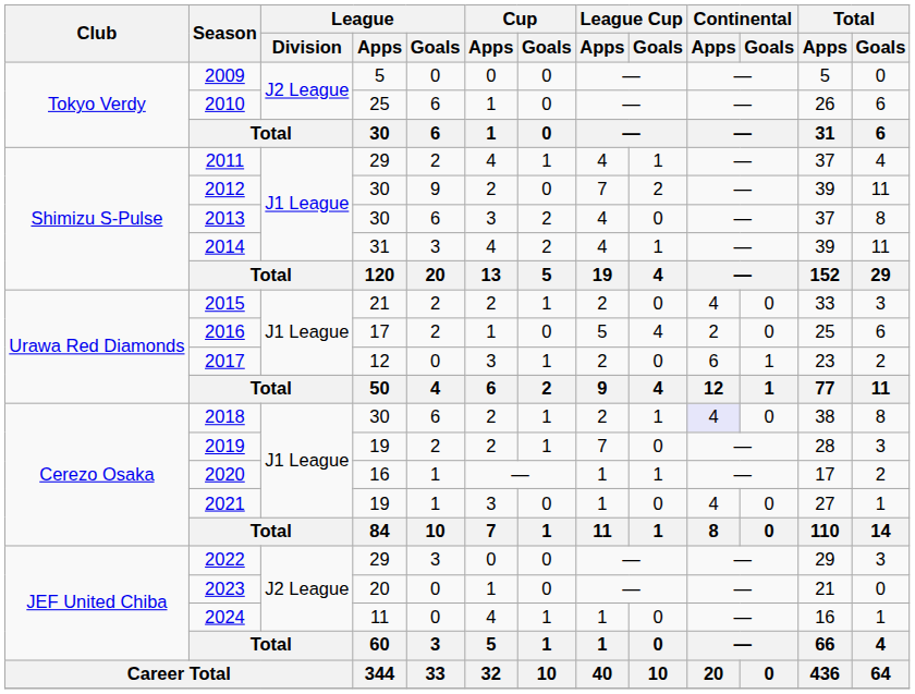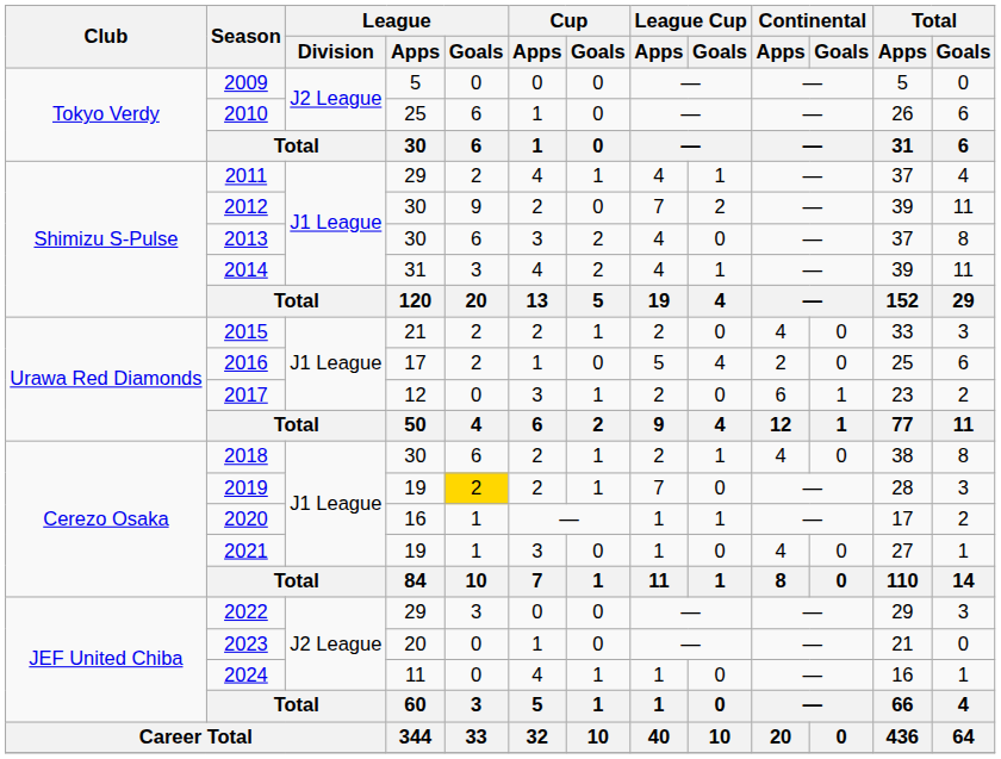 <table class="wikitable" style="text-align:center;">
 <tr>
 <th rowspan="2">Club</th>
 <th rowspan="2">Season</th>
 <th colspan="3">League</th>
 <th colspan="2">Cup</th>
 <th colspan="2">League Cup</th>
 <th colspan="2">Continental</th>
 <th colspan="2">Total</th>
 </tr>
 <tr>
 <th>Division</th>
 <th>Apps</th>
 <th>Goals</th>
 <th>Apps</th>
 <th>Goals</th>
 <th>Apps</th>
 <th>Goals</th>
 <th>Apps</th>
 <th>Goals</th>
 <th>Apps</th>
 <th>Goals</th>
 </tr>
 <tr>
 <td rowspan="3"><a href='#'>Tokyo Verdy</a></td>
 <td><a href='#'>2009</a></td>
 <td rowspan="2"><a href='#'>J2 League</a></td>
 <td>5</td>
 <td>0</td>
 <td>0</td>
 <td>0</td>
 <td colspan="2">—</td>
 <td colspan="2">—</td>
 <td>5</td>
 <td>0</td>
 </tr>
 <tr>
 <td><a href='#'>2010</a></td>
 <td>25</td>
 <td>6</td>
 <td>1</td>
 <td>0</td>
 <td colspan="2">—</td>
 <td colspan="2">—</td>
 <td>26</td>
 <td>6</td>
 </tr>
 <tr>
 <th colspan="2">Total</th>
 <th>30</th>
 <th>6</th>
 <th>1</th>
 <th>0</th>
 <th colspan="2">—</th>
 <th colspan="2">—</th>
 <th>31</th>
 <th>6</th>
 </tr>
 <tr>
 <td rowspan="5"><a href='#'>Shimizu S-Pulse</a></td>
 <td><a href='#'>2011</a></td>
 <td rowspan="4"><a href='#'>J1 League</a></td>
 <td>29</td>
 <td>2</td>
 <td>4</td>
 <td>1</td>
 <td>4</td>
 <td>1</td>
 <td colspan="2">—</td>
 <td>37</td>
 <td>4</td>
 </tr>
 <tr>
 <td><a href='#'>2012</a></td>
 <td>30</td>
 <td>9</td>
 <td>2</td>
 <td>0</td>
 <td>7</td>
 <td>2</td>
 <td colspan="2">—</td>
 <td>39</td>
 <td>11</td>
 </tr>
 <tr>
 <td><a href='#'>2013</a></td>
 <td>30</td>
 <td>6</td>
 <td>3</td>
 <td>2</td>
 <td>4</td>
 <td>0</td>
 <td colspan="2">—</td>
 <td>37</td>
 <td>8</td>
 </tr>
 <tr>
 <td><a href='#'>2014</a></td>
 <td>31</td>
 <td>3</td>
 <td>4</td>
 <td>2</td>
 <td>4</td>
 <td>1</td>
 <td colspan="2">—</td>
 <td>39</td>
 <td>11</td>
 </tr>
 <tr>
 <th colspan="2">Total</th>
 <th>120</th>
 <th>20</th>
 <th>13</th>
 <th>5</th>
 <th>19</th>
 <th>4</th>
 <th colspan="2">—</th>
 <th>152</th>
 <th>29</th>
 </tr>
 <tr>
 <td rowspan="4"><a href='#'>Urawa Red Diamonds</a></td>
 <td><a href='#'>2015</a></td>
 <td rowspan="3">J1 League</td>
 <td>21</td>
 <td>2</td>
 <td>2</td>
 <td>1</td>
 <td>2</td>
 <td>0</td>
 <td>4</td>
 <td>0</td>
 <td>33</td>
 <td>3</td>
 </tr>
 <tr>
 <td><a href='#'>2016</a></td>
 <td>17</td>
 <td>2</td>
 <td>1</td>
 <td>0</td>
 <td>5</td>
 <td>4</td>
 <td>2</td>
 <td>0</td>
 <td>25</td>
 <td>6</td>
 </tr>
 <tr>
 <td><a href='#'>2017</a></td>
 <td>12</td>
 <td>0</td>
 <td>3</td>
 <td>1</td>
 <td>2</td>
 <td>0</td>
 <td>6</td>
 <td>1</td>
 <td>23</td>
 <td>2</td>
 </tr>
 <tr>
 <th colspan="2">Total</th>
 <th>50</th>
 <th>4</th>
 <th>6</th>
 <th>2</th>
 <th>9</th>
 <th>4</th>
 <th>12</th>
 <th>1</th>
 <th>77</th>
 <th>11</th>
 </tr>
 <tr>
 <td rowspan="5"><a href='#'>Cerezo Osaka</a></td>
 <td><a href='#'>2018</a></td>
 <td rowspan="4">J1 League</td>
 <td>30</td>
 <td>6</td>
 <td>2</td>
 <td>1</td>
 <td>2</td>
 <td>1</td>
-<td style="background: lavender;">4</td>
+<td>4</td>
 <td>0</td>
 <td>38</td>
 <td>8</td>
 </tr>
 <tr>
 <td><a href='#'>2019</a></td>
 <td>19</td>
-<td>2</td>
+<td style="background: gold;">2</td>
 <td>2</td>
 <td>1</td>
 <td>7</td>
 <td>0</td>
 <td colspan="2">—</td>
 <td>28</td>
 <td>3</td>
 </tr>
 <tr>
 <td><a href='#'>2020</a></td>
 <td>16</td>
 <td>1</td>
 <td colspan="2">—</td>
 <td>1</td>
 <td>1</td>
 <td colspan="2">—</td>
 <td>17</td>
 <td>2</td>
 </tr>
 <tr>
 <td><a href='#'>2021</a></td>
 <td>19</td>
 <td>1</td>
 <td>3</td>
 <td>0</td>
 <td>1</td>
 <td>0</td>
 <td>4</td>
 <td>0</td>
 <td>27</td>
 <td>1</td>
 </tr>
 <tr>
 <th colspan="2">Total</th>
 <th>84</th>
 <th>10</th>
 <th>7</th>
 <th>1</th>
 <th>11</th>
 <th>1</th>
 <th>8</th>
 <th>0</th>
 <th>110</th>
 <th>14</th>
 </tr>
 <tr>
 <td rowspan="4"><a href='#'>JEF United Chiba</a></td>
 <td><a href='#'>2022</a></td>
 <td rowspan="3">J2 League</td>
 <td>29</td>
 <td>3</td>
 <td>0</td>
 <td>0</td>
 <td colspan="2">—</td>
 <td colspan="2">—</td>
 <td>29</td>
 <td>3</td>
 </tr>
 <tr>
 <td><a href='#'>2023</a></td>
 <td>20</td>
 <td>0</td>
 <td>1</td>
 <td>0</td>
 <td colspan="2">—</td>
 <td colspan="2">—</td>
 <td>21</td>
 <td>0</td>
 </tr>
 <tr>
 <td><a href='#'>2024</a></td>
 <td>11</td>
 <td>0</td>
 <td>4</td>
 <td>1</td>
 <td>1</td>
 <td>0</td>
 <td colspan="2">—</td>
 <td>16</td>
 <td>1</td>
 </tr>
 <tr>
 <th colspan="2">Total</th>
 <th>60</th>
 <th>3</th>
 <th>5</th>
 <th>1</th>
 <th>1</th>
 <th>0</th>
 <th colspan="2">—</th>
 <th>66</th>
 <th>4</th>
 </tr>
 <tr>
 <th colspan="3">Career Total</th>
 <th>344</th>
 <th>33</th>
 <th>32</th>
 <th>10</th>
 <th>40</th>
 <th>10</th>
 <th>20</th>
 <th>0</th>
 <th>436</th>
 <th>64</th>
 </tr>
 <tr>
 </tr>
 </table>
